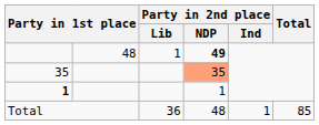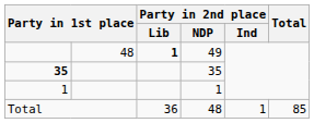 <table class="wikitable" style="text-align:right;">
 <tr>
 <th rowspan="2" colspan="2" style="text-align:left;">Party in 1st place</th>
 <th colspan="3">Party in 2nd place</th>
 <th rowspan="2">Total</th>
 </tr>
 <tr>
 <th>Lib</th>
 <th>NDP</th>
 <th>Ind</th>
 </tr>
 <tr>
 <td></td>
 <td>48</td>
-<td>1</td>
-<td><strong>49</strong></td>
+<td><strong>1</strong></td>
+<td>49</td>
 </tr>
 <tr>
-<td>35</td>
+<td><strong>35</strong></td>
 <td></td>
 <td></td>
-<td style="background: lightsalmon;">35</td>
+<td>35</td>
 </tr>
 <tr>
-<td><strong>1</strong></td>
+<td>1</td>
 <td></td>
 <td></td>
 <td>1</td>
 </tr>
 <tr>
 <td colspan="2" style="text-align:left;">Total</td>
 <td>36</td>
 <td>48</td>
 <td>1</td>
 <td>85</td>
 </tr>
 </table>
